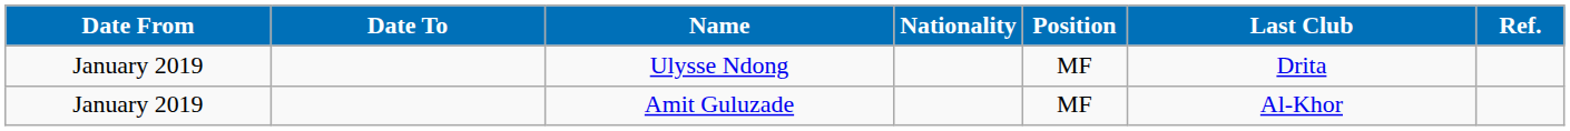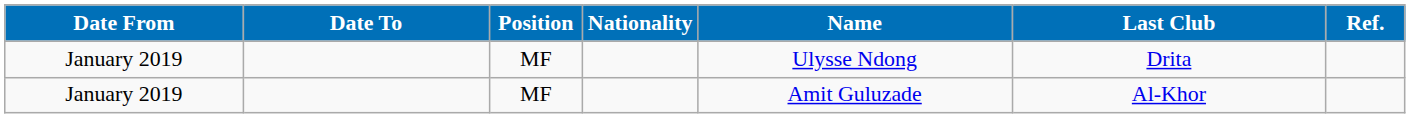 <table class="wikitable"  style="text-align:center; font-size:90%; ">
 <tr>
 <th style="background:#0070B8; color:#FFFFFF; width:150px;">Date From</th>
 <th style="background:#0070B8; color:#FFFFFF; width:155px;">Date To</th>
+<th style="background:#0070B8; color:#FFFFFF; width:55px;">Position</th>
+<th style="background:#0070B8; color:#FFFFFF; width:55px;">Nationality</th>
 <th style="background:#0070B8; color:#FFFFFF; width:200px;">Name</th>
-<th style="background:#0070B8; color:#FFFFFF; width:55px;">Nationality</th>
-<th style="background:#0070B8; color:#FFFFFF; width:55px;">Position</th>
 <th style="background:#0070B8; color:#FFFFFF; width:200px;">Last Club</th>
 <th style="background:#0070B8; color:#FFFFFF; width:45px;">Ref.</th>
 </tr>
 <tr>
 <td>January 2019</td>
 <td></td>
+<td>MF</td>
+<td></td>
 <td><a href='#'>Ulysse Ndong</a></td>
-<td></td>
-<td>MF</td>
 <td><a href='#'>Drita</a></td>
 <td></td>
 </tr>
 <tr>
 <td>January 2019</td>
 <td></td>
+<td>MF</td>
+<td></td>
 <td><a href='#'>Amit Guluzade</a></td>
-<td></td>
-<td>MF</td>
 <td><a href='#'>Al-Khor</a></td>
 <td></td>
 </tr>
 </table>
